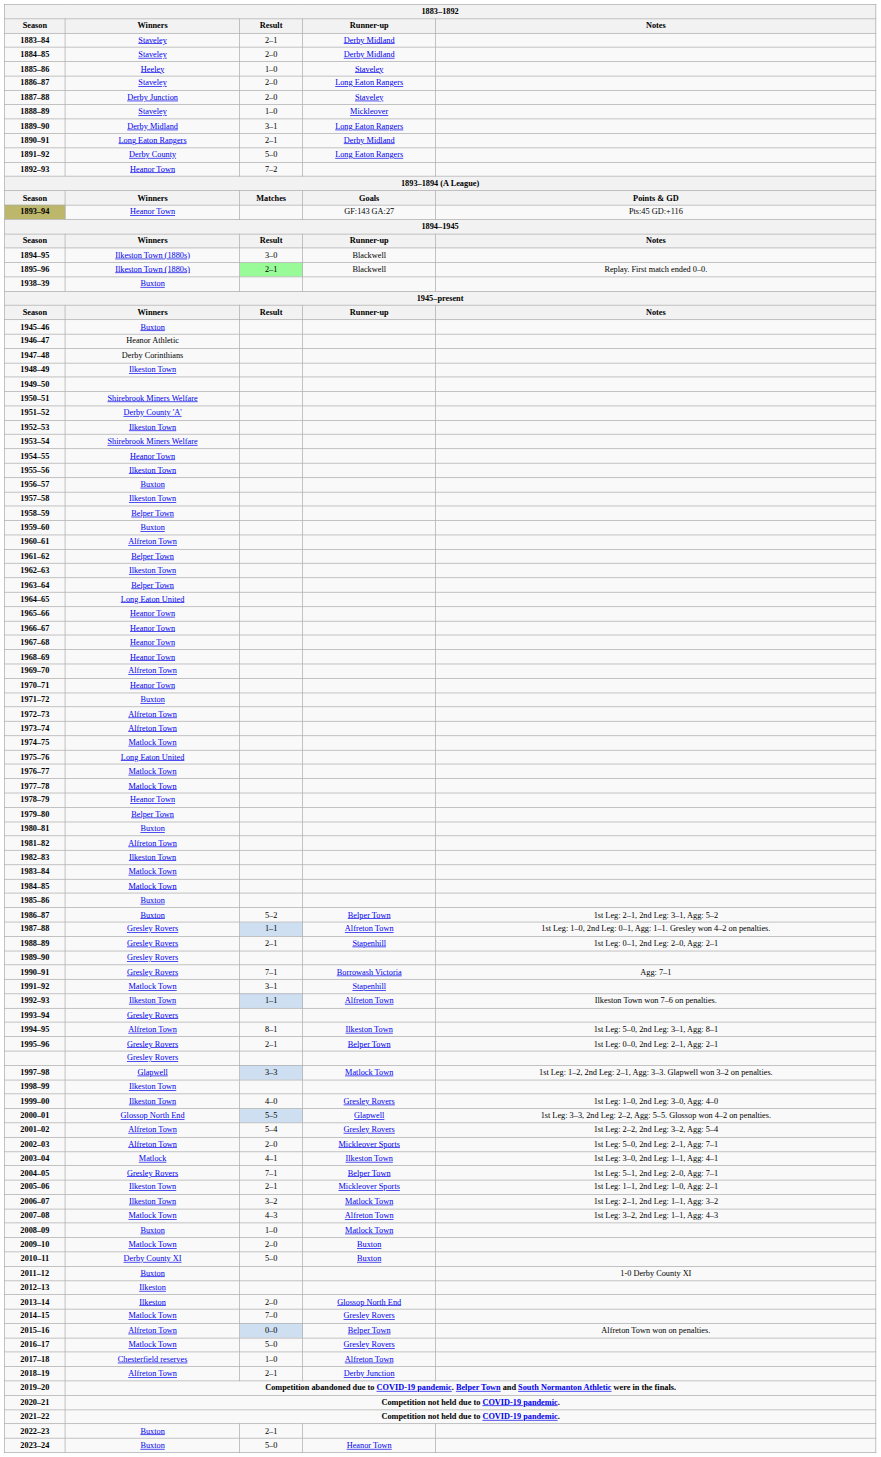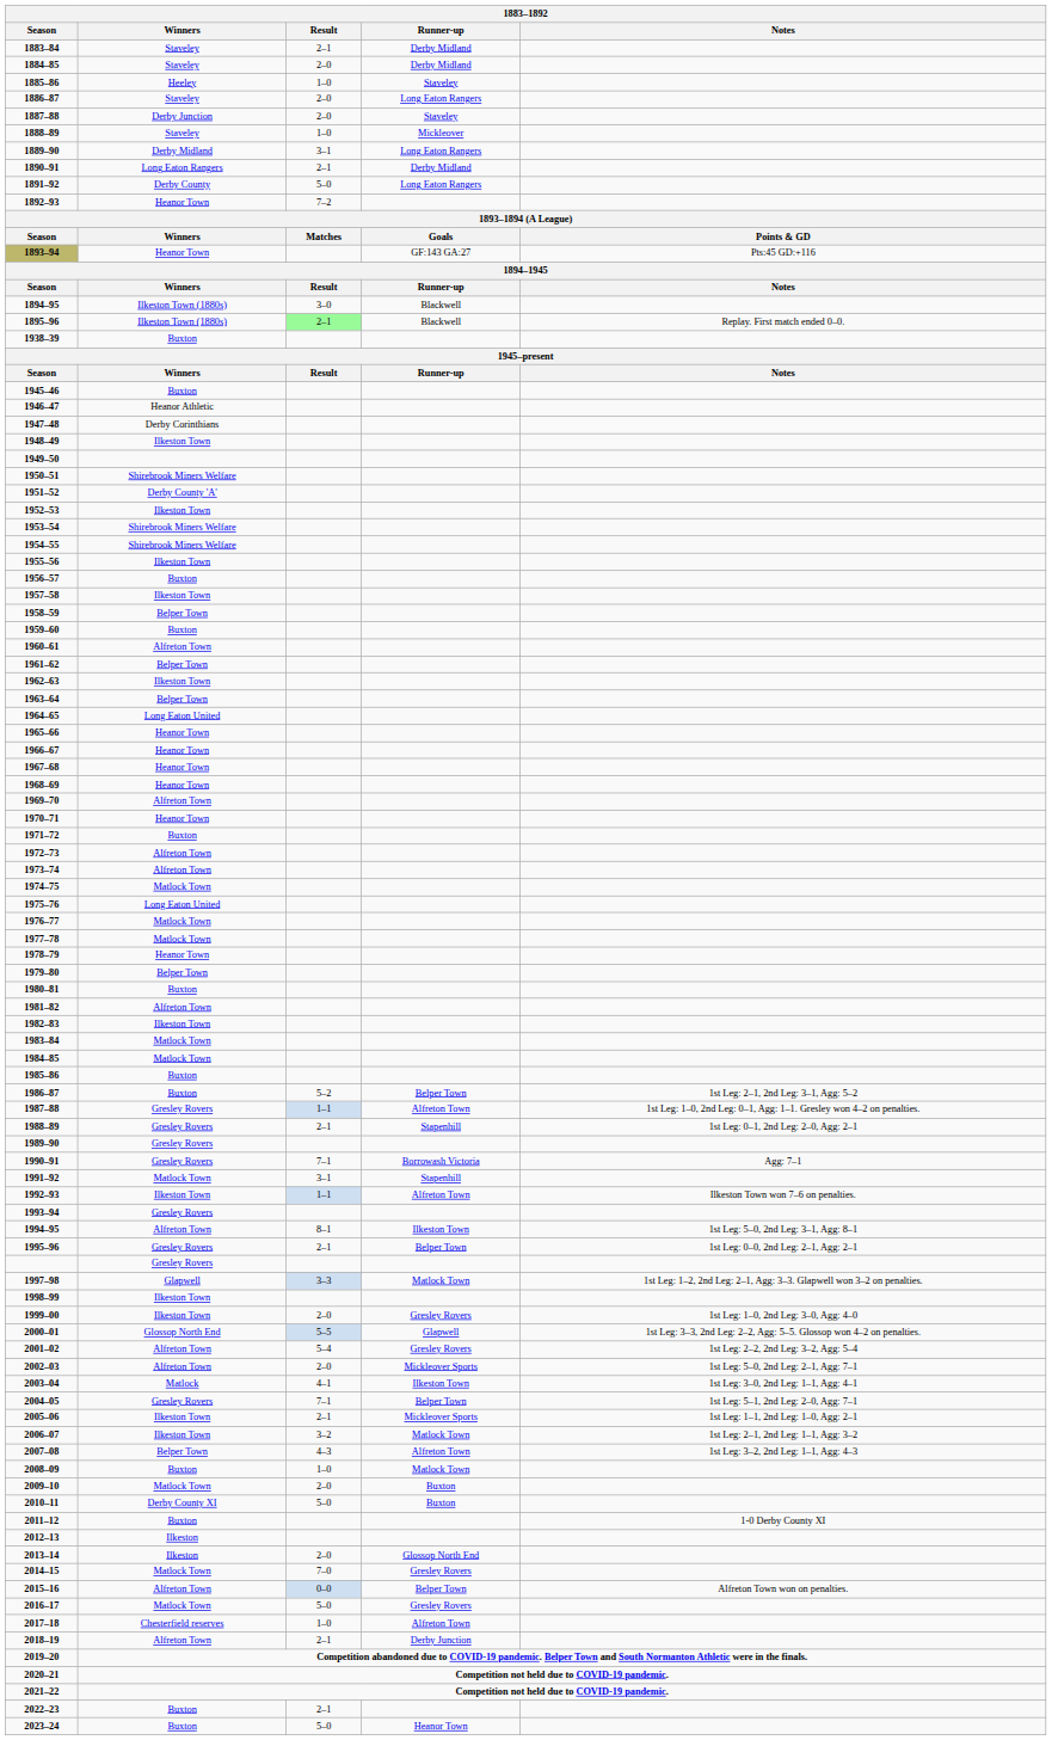 <table class="wikitable" style="text-align: center; width: 100%; font-size: 12px">
 <tr>
 <th colspan=5>1883–1892</th>
 </tr>
 <tr>
 <th>Season</th>
 <th>Winners</th>
 <th>Result</th>
 <th>Runner-up</th>
 <th>Notes</th>
 </tr>
 <tr>
 <td><strong>1883–84</strong></td>
 <td><a href='#'>Staveley</a></td>
 <td>2–1</td>
 <td><a href='#'>Derby Midland</a></td>
 <td></td>
 </tr>
 <tr>
 <td><strong>1884–85</strong></td>
 <td><a href='#'>Staveley</a></td>
 <td>2–0</td>
 <td><a href='#'>Derby Midland</a></td>
 <td></td>
 </tr>
 <tr>
 <td><strong>1885–86</strong></td>
 <td><a href='#'>Heeley</a></td>
 <td>1–0</td>
 <td><a href='#'>Staveley</a></td>
 <td></td>
 </tr>
 <tr>
 <td><strong>1886–87</strong></td>
 <td><a href='#'>Staveley</a></td>
 <td>2–0</td>
 <td><a href='#'>Long Eaton Rangers</a></td>
 <td></td>
 </tr>
 <tr>
 <td><strong>1887–88</strong></td>
 <td><a href='#'>Derby Junction</a></td>
 <td>2–0</td>
 <td><a href='#'>Staveley</a></td>
 <td></td>
 </tr>
 <tr>
 <td><strong>1888–89</strong></td>
 <td><a href='#'>Staveley</a></td>
 <td>1–0</td>
 <td><a href='#'>Mickleover</a></td>
 <td></td>
 </tr>
 <tr>
 <td><strong>1889–90</strong></td>
 <td><a href='#'>Derby Midland</a></td>
 <td>3–1</td>
 <td><a href='#'>Long Eaton Rangers</a></td>
 <td></td>
 </tr>
 <tr>
 <td><strong>1890–91</strong></td>
 <td><a href='#'>Long Eaton Rangers</a></td>
 <td>2–1</td>
 <td><a href='#'>Derby Midland</a></td>
 <td></td>
 </tr>
 <tr>
 <td><strong>1891–92</strong></td>
 <td><a href='#'>Derby County</a></td>
 <td>5–0</td>
 <td><a href='#'>Long Eaton Rangers</a></td>
 <td></td>
 </tr>
 <tr>
 <td><strong>1892–93</strong></td>
 <td><a href='#'>Heanor Town</a></td>
 <td>7–2</td>
 <td></td>
 <td></td>
 </tr>
 <tr>
 <th colspan=5>1893–1894 (A League)</th>
 </tr>
 <tr>
 <th>Season</th>
 <th>Winners</th>
 <th>Matches</th>
 <th>Goals</th>
 <th>Points & GD</th>
 </tr>
 <tr>
 <td style="background-color:#BDB76B"><strong>1893–94</strong></td>
 <td><a href='#'>Heanor Town</a></td>
 <td></td>
 <td>GF:143 GA:27</td>
 <td>Pts:45 GD:+116</td>
 </tr>
 <tr>
 <th colspan=5>1894–1945</th>
 </tr>
 <tr>
 <th>Season</th>
 <th>Winners</th>
 <th>Result</th>
 <th>Runner-up</th>
 <th>Notes</th>
 </tr>
 <tr>
 <td><strong>1894–95</strong></td>
 <td><a href='#'>Ilkeston Town (1880s)</a></td>
 <td>3–0</td>
 <td>Blackwell</td>
 <td></td>
 </tr>
 <tr>
 <td><strong>1895–96</strong></td>
 <td><a href='#'>Ilkeston Town (1880s)</a></td>
 <td style="background-color:#98FB98">2–1</td>
 <td>Blackwell</td>
 <td>Replay. First match ended 0–0.</td>
 </tr>
 <tr>
 <td><strong>1938–39</strong></td>
 <td><a href='#'>Buxton</a></td>
 <td></td>
 <td></td>
 <td></td>
 </tr>
 <tr>
 <th colspan=5>1945–present</th>
 </tr>
 <tr>
 <th>Season</th>
 <th>Winners</th>
 <th>Result</th>
 <th>Runner-up</th>
 <th>Notes</th>
 </tr>
 <tr>
 <td><strong>1945–46</strong></td>
 <td><a href='#'>Buxton</a></td>
 <td></td>
 <td></td>
 <td></td>
 </tr>
 <tr>
 <td><strong>1946–47</strong></td>
 <td>Heanor Athletic</td>
 <td></td>
 <td></td>
 <td></td>
 </tr>
 <tr>
 <td><strong>1947–48</strong></td>
 <td>Derby Corinthians</td>
 <td></td>
 <td></td>
 <td></td>
 </tr>
 <tr>
 <td><strong>1948–49</strong></td>
 <td><a href='#'>Ilkeston Town</a></td>
 <td></td>
 <td></td>
 <td></td>
 </tr>
 <tr>
 <td><strong>1949–50</strong></td>
 <td></td>
 <td></td>
 <td></td>
 <td></td>
 </tr>
 <tr>
 <td><strong>1950–51</strong></td>
 <td><a href='#'>Shirebrook Miners Welfare</a></td>
 <td></td>
 <td></td>
 <td></td>
 </tr>
 <tr>
 <td><strong>1951–52</strong></td>
 <td><a href='#'>Derby County 'A'</a></td>
 <td></td>
 <td></td>
 <td></td>
 </tr>
 <tr>
 <td><strong>1952–53</strong></td>
 <td><a href='#'>Ilkeston Town</a></td>
 <td></td>
 <td></td>
 <td></td>
 </tr>
 <tr>
 <td><strong>1953–54</strong></td>
 <td><a href='#'>Shirebrook Miners Welfare</a></td>
 <td></td>
 <td></td>
 <td></td>
 </tr>
 <tr>
 <td><strong>1954–55</strong></td>
-<td><a href='#'>Heanor Town</a></td>
+<td><a href='#'>Shirebrook Miners Welfare</a></td>
 <td></td>
 <td></td>
 <td></td>
 </tr>
 <tr>
 <td><strong>1955–56</strong></td>
 <td><a href='#'>Ilkeston Town</a></td>
 <td></td>
 <td></td>
 <td></td>
 </tr>
 <tr>
 <td><strong>1956–57</strong></td>
 <td><a href='#'>Buxton</a></td>
 <td></td>
 <td></td>
 <td></td>
 </tr>
 <tr>
 <td><strong>1957–58</strong></td>
 <td><a href='#'>Ilkeston Town</a></td>
 <td></td>
 <td></td>
 <td></td>
 </tr>
 <tr>
 <td><strong>1958–59</strong></td>
 <td><a href='#'>Belper Town</a></td>
 <td></td>
 <td></td>
 <td></td>
 </tr>
 <tr>
 <td><strong>1959–60</strong></td>
 <td><a href='#'>Buxton</a></td>
 <td></td>
 <td></td>
 <td></td>
 </tr>
 <tr>
 <td><strong>1960–61</strong></td>
 <td><a href='#'>Alfreton Town</a></td>
 <td></td>
 <td></td>
 <td></td>
 </tr>
 <tr>
 <td><strong>1961–62</strong></td>
 <td><a href='#'>Belper Town</a></td>
 <td></td>
 <td></td>
 <td></td>
 </tr>
 <tr>
 <td><strong>1962–63</strong></td>
 <td><a href='#'>Ilkeston Town</a></td>
 <td></td>
 <td></td>
 <td></td>
 </tr>
 <tr>
 <td><strong>1963–64</strong></td>
 <td><a href='#'>Belper Town</a></td>
 <td></td>
 <td></td>
 <td></td>
 </tr>
 <tr>
 <td><strong>1964–65</strong></td>
 <td><a href='#'>Long Eaton United</a></td>
 <td></td>
 <td></td>
 <td></td>
 </tr>
 <tr>
 <td><strong>1965–66</strong></td>
 <td><a href='#'>Heanor Town</a></td>
 <td></td>
 <td></td>
 <td></td>
 </tr>
 <tr>
 <td><strong>1966–67</strong></td>
 <td><a href='#'>Heanor Town</a></td>
 <td></td>
 <td></td>
 <td></td>
 </tr>
 <tr>
 <td><strong>1967–68</strong></td>
 <td><a href='#'>Heanor Town</a></td>
 <td></td>
 <td></td>
 <td></td>
 </tr>
 <tr>
 <td><strong>1968–69</strong></td>
 <td><a href='#'>Heanor Town</a></td>
 <td></td>
 <td></td>
 <td></td>
 </tr>
 <tr>
 <td><strong>1969–70</strong></td>
 <td><a href='#'>Alfreton Town</a></td>
 <td></td>
 <td></td>
 <td></td>
 </tr>
 <tr>
 <td><strong>1970–71</strong></td>
 <td><a href='#'>Heanor Town</a></td>
 <td></td>
 <td></td>
 <td></td>
 </tr>
 <tr>
 <td><strong>1971–72</strong></td>
 <td><a href='#'>Buxton</a></td>
 <td></td>
 <td></td>
 <td></td>
 </tr>
 <tr>
 <td><strong>1972–73</strong></td>
 <td><a href='#'>Alfreton Town</a></td>
 <td></td>
 <td></td>
 <td></td>
 </tr>
 <tr>
 <td><strong>1973–74</strong></td>
 <td><a href='#'>Alfreton Town</a></td>
 <td></td>
 <td></td>
 <td></td>
 </tr>
 <tr>
 <td><strong>1974–75</strong></td>
 <td><a href='#'>Matlock Town</a></td>
 <td></td>
 <td></td>
 <td></td>
 </tr>
 <tr>
 <td><strong>1975–76</strong></td>
 <td><a href='#'>Long Eaton United</a></td>
 <td></td>
 <td></td>
 <td></td>
 </tr>
 <tr>
 <td><strong>1976–77</strong></td>
 <td><a href='#'>Matlock Town</a></td>
 <td></td>
 <td></td>
 <td></td>
 </tr>
 <tr>
 <td><strong>1977–78</strong></td>
 <td><a href='#'>Matlock Town</a></td>
 <td></td>
 <td></td>
 <td></td>
 </tr>
 <tr>
 <td><strong>1978–79</strong></td>
 <td><a href='#'>Heanor Town</a></td>
 <td></td>
 <td></td>
 <td></td>
 </tr>
 <tr>
 <td><strong>1979–80</strong></td>
 <td><a href='#'>Belper Town</a></td>
 <td></td>
 <td></td>
 <td></td>
 </tr>
 <tr>
 <td><strong>1980–81</strong></td>
 <td><a href='#'>Buxton</a></td>
 <td></td>
 <td></td>
 <td></td>
 </tr>
 <tr>
 <td><strong>1981–82</strong></td>
 <td><a href='#'>Alfreton Town</a></td>
 <td></td>
 <td></td>
 <td></td>
 </tr>
 <tr>
 <td><strong>1982–83</strong></td>
 <td><a href='#'>Ilkeston Town</a></td>
 <td></td>
 <td></td>
 <td></td>
 </tr>
 <tr>
 <td><strong>1983–84</strong></td>
 <td><a href='#'>Matlock Town</a></td>
 <td></td>
 <td></td>
 <td></td>
 </tr>
 <tr>
 <td><strong>1984–85</strong></td>
 <td><a href='#'>Matlock Town</a></td>
 <td></td>
 <td></td>
 <td></td>
 </tr>
 <tr>
 <td><strong>1985–86</strong></td>
 <td><a href='#'>Buxton</a></td>
 <td></td>
 <td></td>
 <td></td>
 </tr>
 <tr>
 <td><strong>1986–87</strong></td>
 <td><a href='#'>Buxton</a></td>
 <td>5–2</td>
 <td><a href='#'>Belper Town</a></td>
 <td>1st Leg: 2–1, 2nd Leg: 3–1, Agg: 5–2</td>
 </tr>
 <tr>
 <td><strong>1987–88</strong></td>
 <td><a href='#'>Gresley Rovers</a></td>
 <td style="background-color:#cedff2">1–1</td>
 <td><a href='#'>Alfreton Town</a></td>
 <td>1st Leg: 1–0, 2nd Leg: 0–1, Agg: 1–1. Gresley won 4–2 on penalties.</td>
 </tr>
 <tr>
 <td><strong>1988–89</strong></td>
 <td><a href='#'>Gresley Rovers</a></td>
 <td>2–1</td>
 <td><a href='#'>Stapenhill</a></td>
 <td>1st Leg: 0–1, 2nd Leg: 2–0, Agg: 2–1</td>
 </tr>
 <tr>
 <td><strong>1989–90</strong></td>
 <td><a href='#'>Gresley Rovers</a></td>
 <td></td>
 <td></td>
 <td></td>
 </tr>
 <tr>
 <td><strong>1990–91</strong></td>
 <td><a href='#'>Gresley Rovers</a></td>
 <td>7–1</td>
 <td><a href='#'>Borrowash Victoria</a></td>
 <td>Agg: 7–1</td>
 </tr>
 <tr>
 <td><strong>1991–92</strong></td>
 <td><a href='#'>Matlock Town</a></td>
 <td>3–1</td>
 <td><a href='#'>Stapenhill</a></td>
 <td></td>
 </tr>
 <tr>
 <td><strong>1992–93</strong></td>
 <td><a href='#'>Ilkeston Town</a></td>
 <td style="background-color:#cedff2">1–1</td>
 <td><a href='#'>Alfreton Town</a></td>
 <td>Ilkeston Town won 7–6 on penalties.</td>
 </tr>
 <tr>
 <td><strong>1993–94</strong></td>
 <td><a href='#'>Gresley Rovers</a></td>
 <td></td>
 <td></td>
 <td></td>
 </tr>
 <tr>
 <td><strong>1994–95</strong></td>
 <td><a href='#'>Alfreton Town</a></td>
 <td>8–1</td>
 <td><a href='#'>Ilkeston Town</a></td>
 <td>1st Leg: 5–0, 2nd Leg: 3–1, Agg: 8–1</td>
 </tr>
 <tr>
 <td><strong>1995–96</strong></td>
 <td><a href='#'>Gresley Rovers</a></td>
 <td>2–1</td>
 <td><a href='#'>Belper Town</a></td>
 <td>1st Leg: 0–0, 2nd Leg: 2–1, Agg: 2–1</td>
 </tr>
 <tr>
 <td></td>
 <td><a href='#'>Gresley Rovers</a></td>
 <td></td>
 <td></td>
 <td></td>
 </tr>
 <tr>
 <td><strong>1997–98</strong></td>
 <td><a href='#'>Glapwell</a></td>
 <td style="background-color:#cedff2">3–3</td>
 <td><a href='#'>Matlock Town</a></td>
 <td>1st Leg: 1–2, 2nd Leg: 2–1, Agg: 3–3. Glapwell won 3–2 on penalties.</td>
 </tr>
 <tr>
 <td><strong>1998–99</strong></td>
 <td><a href='#'>Ilkeston Town</a></td>
 <td></td>
 <td></td>
 <td></td>
 </tr>
 <tr>
 <td><strong>1999–00</strong></td>
 <td><a href='#'>Ilkeston Town</a></td>
-<td>4–0</td>
+<td>2–0</td>
 <td><a href='#'>Gresley Rovers</a></td>
 <td>1st Leg: 1–0, 2nd Leg: 3–0, Agg: 4–0</td>
 </tr>
 <tr>
 <td><strong>2000–01</strong></td>
 <td><a href='#'>Glossop North End</a></td>
 <td style="background-color:#cedff2">5–5</td>
 <td><a href='#'>Glapwell</a></td>
 <td>1st Leg: 3–3, 2nd Leg: 2–2, Agg: 5–5. Glossop won 4–2 on penalties.</td>
 </tr>
 <tr>
 <td><strong>2001–02</strong></td>
 <td><a href='#'>Alfreton Town</a></td>
 <td>5–4</td>
 <td><a href='#'>Gresley Rovers</a></td>
 <td>1st Leg: 2–2, 2nd Leg: 3–2, Agg: 5–4</td>
 </tr>
 <tr>
 <td><strong>2002–03</strong></td>
 <td><a href='#'>Alfreton Town</a></td>
 <td>2–0</td>
 <td><a href='#'>Mickleover Sports</a></td>
 <td>1st Leg: 5–0, 2nd Leg: 2–1, Agg: 7–1</td>
 </tr>
 <tr>
 <td><strong>2003–04</strong></td>
 <td><a href='#'>Matlock</a></td>
 <td>4–1</td>
 <td><a href='#'>Ilkeston Town</a></td>
 <td>1st Leg: 3–0, 2nd Leg: 1–1, Agg: 4–1</td>
 </tr>
 <tr>
 <td><strong>2004–05</strong></td>
 <td><a href='#'>Gresley Rovers</a></td>
 <td>7–1</td>
 <td><a href='#'>Belper Town</a></td>
 <td>1st Leg: 5–1, 2nd Leg: 2–0, Agg: 7–1</td>
 </tr>
 <tr>
 <td><strong>2005–06</strong></td>
 <td><a href='#'>Ilkeston Town</a></td>
 <td>2–1</td>
 <td><a href='#'>Mickleover Sports</a></td>
 <td>1st Leg: 1–1, 2nd Leg: 1–0, Agg: 2–1</td>
 </tr>
 <tr>
 <td><strong>2006–07</strong></td>
 <td><a href='#'>Ilkeston Town</a></td>
 <td>3–2</td>
 <td><a href='#'>Matlock Town</a></td>
 <td>1st Leg: 2–1, 2nd Leg: 1–1, Agg: 3–2</td>
 </tr>
 <tr>
 <td><strong>2007–08</strong></td>
-<td><a href='#'>Matlock Town</a></td>
+<td><a href='#'>Belper Town</a></td>
 <td>4–3</td>
 <td><a href='#'>Alfreton Town</a></td>
 <td>1st Leg: 3–2, 2nd Leg: 1–1, Agg: 4–3</td>
 </tr>
 <tr>
 <td><strong>2008–09</strong></td>
 <td><a href='#'>Buxton</a></td>
 <td>1–0</td>
 <td><a href='#'>Matlock Town</a></td>
 <td></td>
 </tr>
 <tr>
 <td><strong>2009–10</strong></td>
 <td><a href='#'>Matlock Town</a></td>
 <td>2–0</td>
 <td><a href='#'>Buxton</a></td>
 <td></td>
 </tr>
 <tr>
 <td><strong>2010–11</strong></td>
 <td><a href='#'>Derby County XI</a></td>
 <td>5–0</td>
 <td><a href='#'>Buxton</a></td>
 <td></td>
 </tr>
 <tr>
 <td><strong>2011–12</strong></td>
 <td><a href='#'>Buxton</a></td>
 <td></td>
 <td></td>
 <td>1-0 Derby County XI</td>
 </tr>
 <tr>
 <td><strong>2012–13</strong></td>
 <td><a href='#'>Ilkeston</a></td>
 <td></td>
 <td></td>
 <td></td>
 </tr>
 <tr>
 <td><strong>2013–14</strong></td>
 <td><a href='#'>Ilkeston</a></td>
 <td>2–0</td>
 <td><a href='#'>Glossop North End</a></td>
 <td></td>
 </tr>
 <tr>
 <td><strong>2014–15</strong></td>
 <td><a href='#'>Matlock Town</a></td>
 <td>7–0</td>
 <td><a href='#'>Gresley Rovers</a></td>
 <td></td>
 </tr>
 <tr>
 <td><strong>2015–16</strong></td>
 <td><a href='#'>Alfreton Town</a></td>
 <td style="background-color:#cedff2">0–0</td>
 <td><a href='#'>Belper Town</a></td>
 <td>Alfreton Town won on penalties.</td>
 </tr>
 <tr>
 <td><strong>2016–17</strong></td>
 <td><a href='#'>Matlock Town</a></td>
 <td>5–0</td>
 <td><a href='#'>Gresley Rovers</a></td>
 <td></td>
 </tr>
 <tr>
 <td><strong>2017–18</strong></td>
 <td><a href='#'>Chesterfield reserves</a></td>
 <td>1–0</td>
 <td><a href='#'>Alfreton Town</a></td>
 <td></td>
 </tr>
 <tr>
 <td><strong>2018–19</strong></td>
 <td><a href='#'>Alfreton Town</a></td>
 <td>2–1</td>
 <td><a href='#'>Derby Junction</a></td>
 <td></td>
 </tr>
 <tr>
 <td><strong>2019–20</strong></td>
 <td colspan=5><strong>Competition abandoned due to <a href='#'>COVID-19 pandemic</a>. <a href='#'>Belper Town</a> and <a href='#'>South Normanton Athletic</a> were in the finals.</strong></td>
 </tr>
 <tr>
 <td><strong>2020–21</strong></td>
 <td colspan=5><strong>Competition not held due to <a href='#'>COVID-19 pandemic</a>.</strong></td>
 </tr>
 <tr>
 <td><strong>2021–22</strong></td>
 <td colspan=5><strong>Competition not held due to <a href='#'>COVID-19 pandemic</a>.</strong></td>
 </tr>
 <tr>
 <td><strong>2022–23</strong></td>
 <td><a href='#'>Buxton</a></td>
 <td>2–1</td>
 <td></td>
 <td></td>
 </tr>
 <tr>
 <td><strong>2023–24</strong></td>
 <td><a href='#'>Buxton</a></td>
 <td>5–0</td>
 <td><a href='#'>Heanor Town</a></td>
 <td></td>
 </tr>
 </table>
